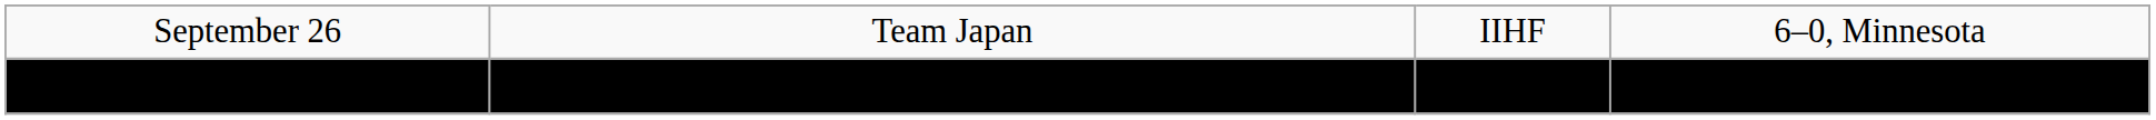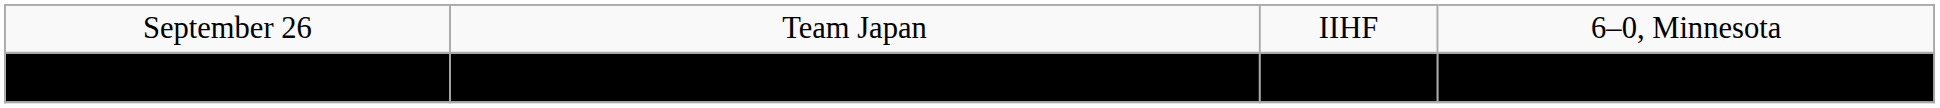 <table class="wikitable" width="80%" style="text-align:center;">
 <tr>
 <td>September 26</td>
 <td>Team Japan</td>
 <td>IIHF</td>
 <td>6–0, Minnesota</td>
 </tr>
 <tr bgcolor=" ">
 <td>September 27</td>
-<td><strong>Univ. of British Columbia</strong></td>
+<td>Univ. of British Columbia</td>
 <td>CIS</td>
 <td>7–0, Minnesota</td>
 </tr>
 </table>
